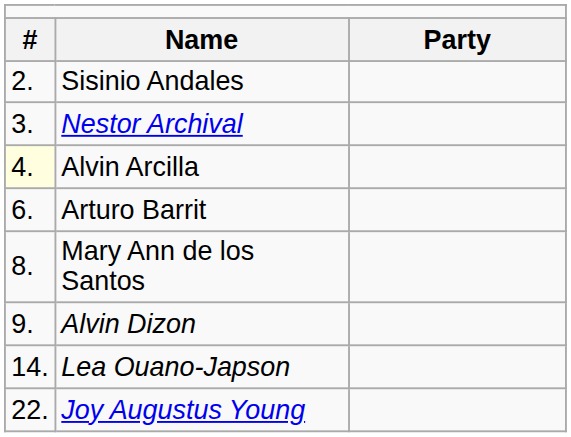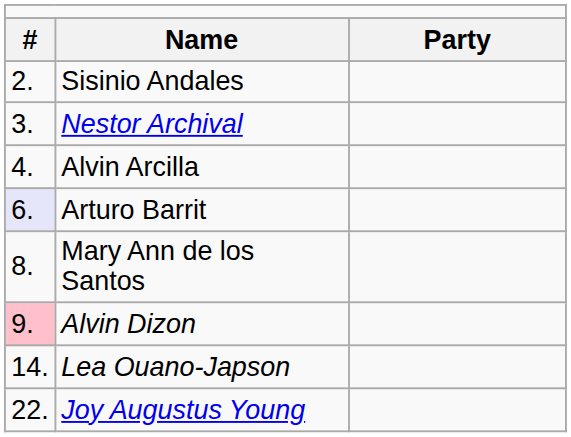 <table class=wikitable style="font-size:90%">
 <tr>
 <td colspan=4 bgcolor=></td>
 </tr>
 <tr>
 <th>#</th>
 <th width=150px>Name</th>
 <th colspan=2 width=110px>Party</th>
 </tr>
 <tr>
 <td>2.</td>
 <td>Sisinio Andales</td>
 <td></td>
 </tr>
 <tr>
 <td>3.</td>
 <td><em><a href='#'>Nestor Archival</a></em></td>
 <td></td>
 </tr>
 <tr>
-<td style="background: lightyellow;">4.</td>
+<td>4.</td>
 <td>Alvin Arcilla</td>
 <td></td>
 </tr>
 <tr>
-<td>6.</td>
+<td style="background: lavender;">6.</td>
 <td>Arturo Barrit</td>
 <td></td>
 </tr>
 <tr>
 <td>8.</td>
 <td>Mary Ann de los Santos</td>
 <td></td>
 </tr>
 <tr>
-<td>9.</td>
+<td style="background: pink;">9.</td>
 <td><em>Alvin Dizon</em></td>
 <td></td>
 </tr>
 <tr>
 <td>14.</td>
 <td><em>Lea Ouano-Japson</em></td>
 <td></td>
 </tr>
 <tr>
 <td>22.</td>
 <td><em><a href='#'>Joy Augustus Young</a></em></td>
 <td></td>
 </tr>
 </table>
